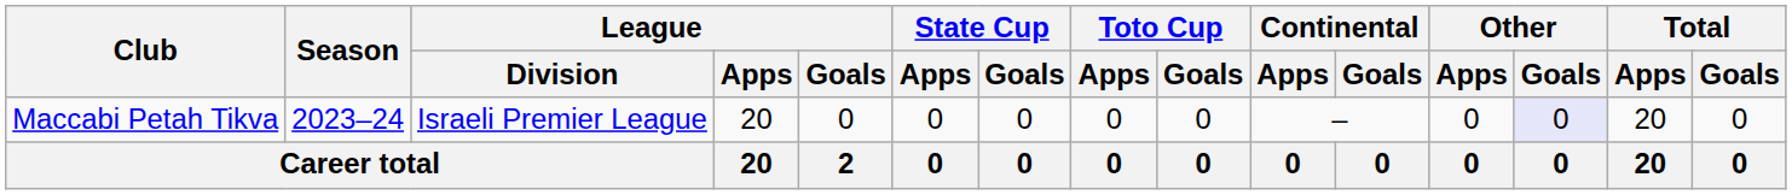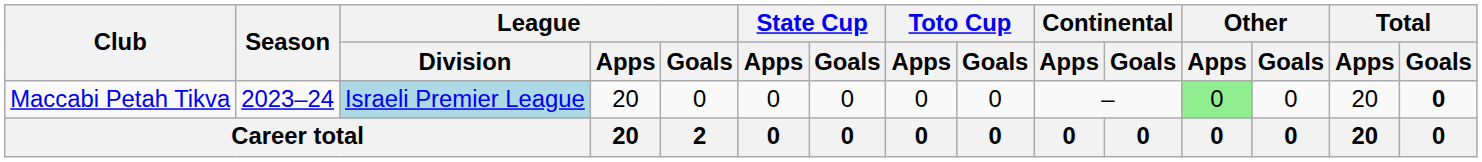 <table class="wikitable" style="text-align: center">
 <tr>
 <th rowspan="2">Club</th>
 <th rowspan="2">Season</th>
 <th colspan="3">League</th>
 <th colspan="2"><a href='#'>State Cup</a></th>
 <th colspan="2"><a href='#'>Toto Cup</a></th>
 <th colspan="2">Continental</th>
 <th colspan="2">Other</th>
 <th colspan="2">Total</th>
 </tr>
 <tr>
 <th>Division</th>
 <th>Apps</th>
 <th>Goals</th>
 <th>Apps</th>
 <th>Goals</th>
 <th>Apps</th>
 <th>Goals</th>
 <th>Apps</th>
 <th>Goals</th>
 <th>Apps</th>
 <th>Goals</th>
 <th>Apps</th>
 <th>Goals</th>
 </tr>
 <tr>
 <td rowspan="1"><a href='#'>Maccabi Petah Tikva</a></td>
 <td><a href='#'>2023–24</a></td>
-<td><a href='#'>Israeli Premier League</a></td>
+<td style="background: lightblue;"><a href='#'>Israeli Premier League</a></td>
 <td>20</td>
 <td>0</td>
 <td>0</td>
 <td>0</td>
 <td>0</td>
 <td>0</td>
 <td colspan="2">–</td>
+<td style="background: lightgreen;">0</td>
 <td>0</td>
-<td style="background: lavender;">0</td>
 <td>20</td>
-<td>0</td>
+<td><strong>0</strong></td>
 </tr>
 <tr>
 <th colspan="3"><strong>Career total</strong></th>
 <th>20</th>
 <th>2</th>
 <th>0</th>
 <th>0</th>
 <th>0</th>
 <th>0</th>
 <th>0</th>
 <th>0</th>
 <th>0</th>
 <th>0</th>
 <th>20</th>
 <th>0</th>
 </tr>
 </table>
